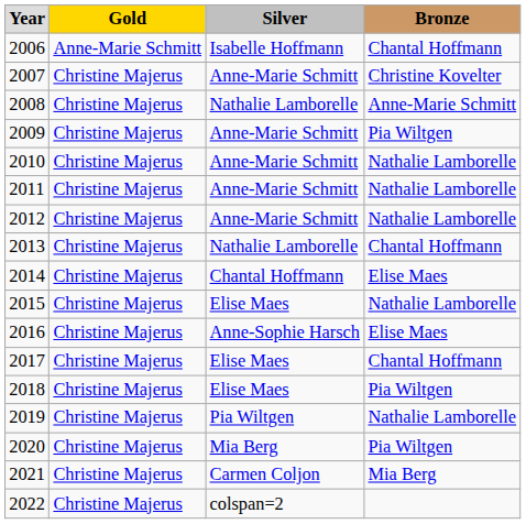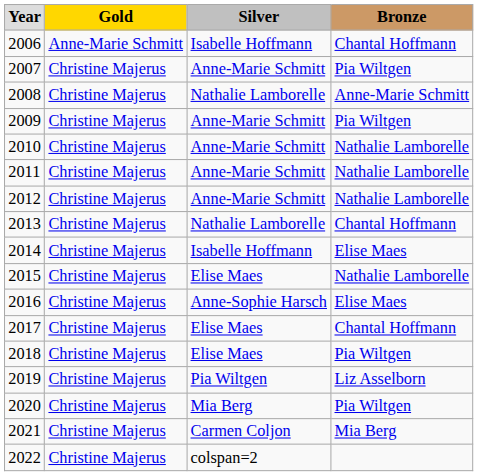 <table class="wikitable" style="text-align:left;">
 <tr>
 <td style="background:#DDDDDD; font-weight:bold; text-align:center;">Year</td>
 <td style="background:gold; font-weight:bold; text-align:center;">Gold</td>
 <td style="background:silver; font-weight:bold; text-align:center;">Silver</td>
 <td style="background:#cc9966; font-weight:bold; text-align:center;">Bronze</td>
 </tr>
 <tr>
 <td>2006</td>
 <td><a href='#'>Anne-Marie Schmitt</a></td>
 <td><a href='#'>Isabelle Hoffmann</a></td>
 <td><a href='#'>Chantal Hoffmann</a></td>
 </tr>
 <tr>
 <td>2007</td>
 <td><a href='#'>Christine Majerus</a></td>
 <td><a href='#'>Anne-Marie Schmitt</a></td>
-<td><a href='#'>Christine Kovelter</a></td>
+<td><a href='#'>Pia Wiltgen</a></td>
 </tr>
 <tr>
 <td>2008</td>
 <td><a href='#'>Christine Majerus</a></td>
 <td><a href='#'>Nathalie Lamborelle</a></td>
 <td><a href='#'>Anne-Marie Schmitt</a></td>
 </tr>
 <tr>
 <td>2009</td>
 <td><a href='#'>Christine Majerus</a></td>
 <td><a href='#'>Anne-Marie Schmitt</a></td>
 <td><a href='#'>Pia Wiltgen</a></td>
 </tr>
 <tr>
 <td>2010</td>
 <td><a href='#'>Christine Majerus</a></td>
 <td><a href='#'>Anne-Marie Schmitt</a></td>
 <td><a href='#'>Nathalie Lamborelle</a></td>
 </tr>
 <tr>
 <td>2011</td>
 <td><a href='#'>Christine Majerus</a></td>
 <td><a href='#'>Anne-Marie Schmitt</a></td>
 <td><a href='#'>Nathalie Lamborelle</a></td>
 </tr>
 <tr>
 <td>2012</td>
 <td><a href='#'>Christine Majerus</a></td>
 <td><a href='#'>Anne-Marie Schmitt</a></td>
 <td><a href='#'>Nathalie Lamborelle</a></td>
 </tr>
 <tr>
 <td>2013</td>
 <td><a href='#'>Christine Majerus</a></td>
 <td><a href='#'>Nathalie Lamborelle</a></td>
 <td><a href='#'>Chantal Hoffmann</a></td>
 </tr>
 <tr>
 <td>2014</td>
 <td><a href='#'>Christine Majerus</a></td>
-<td><a href='#'>Chantal Hoffmann</a></td>
+<td><a href='#'>Isabelle Hoffmann</a></td>
 <td><a href='#'>Elise Maes</a></td>
 </tr>
 <tr>
 <td>2015</td>
 <td><a href='#'>Christine Majerus</a></td>
 <td><a href='#'>Elise Maes</a></td>
 <td><a href='#'>Nathalie Lamborelle</a></td>
 </tr>
 <tr>
 <td>2016</td>
 <td><a href='#'>Christine Majerus</a></td>
 <td><a href='#'>Anne-Sophie Harsch</a></td>
 <td><a href='#'>Elise Maes</a></td>
 </tr>
 <tr>
 <td>2017</td>
 <td><a href='#'>Christine Majerus</a></td>
 <td><a href='#'>Elise Maes</a></td>
 <td><a href='#'>Chantal Hoffmann</a></td>
 </tr>
 <tr>
 <td>2018</td>
 <td><a href='#'>Christine Majerus</a></td>
 <td><a href='#'>Elise Maes</a></td>
 <td><a href='#'>Pia Wiltgen</a></td>
 </tr>
 <tr>
 <td>2019</td>
 <td><a href='#'>Christine Majerus</a></td>
 <td><a href='#'>Pia Wiltgen</a></td>
-<td><a href='#'>Nathalie Lamborelle</a></td>
+<td><a href='#'>Liz Asselborn</a></td>
 </tr>
 <tr>
 <td>2020</td>
 <td><a href='#'>Christine Majerus</a></td>
 <td><a href='#'>Mia Berg</a></td>
 <td><a href='#'>Pia Wiltgen</a></td>
 </tr>
 <tr>
 <td>2021</td>
 <td><a href='#'>Christine Majerus</a></td>
 <td><a href='#'>Carmen Coljon</a></td>
 <td><a href='#'>Mia Berg</a></td>
 </tr>
 <tr>
 <td>2022</td>
 <td><a href='#'>Christine Majerus</a></td>
 <td>colspan=2 </td>
 </tr>
 </table>
